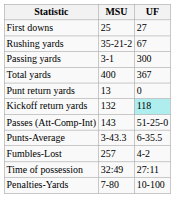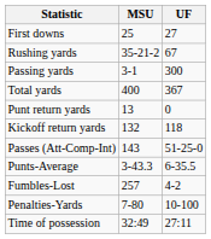 <table class="wikitable">
 <tr>
 <th>Statistic</th>
 <th><strong>MSU</strong></th>
 <th><strong>UF</strong></th>
 </tr>
 <tr>
 <td>First downs</td>
 <td>25</td>
 <td>27</td>
 </tr>
 <tr>
 <td>Rushing yards</td>
 <td>35-21-2</td>
 <td>67</td>
 </tr>
 <tr>
 <td>Passing yards</td>
 <td>3-1</td>
 <td>300</td>
 </tr>
 <tr>
 <td>Total yards</td>
 <td>400</td>
 <td>367</td>
 </tr>
 <tr>
 <td>Punt return yards</td>
 <td>13</td>
 <td>0</td>
 </tr>
 <tr>
 <td>Kickoff return yards</td>
 <td>132</td>
-<td style="background: paleturquoise;">118</td>
+<td>118</td>
 </tr>
 <tr>
 <td>Passes (Att-Comp-Int)</td>
 <td>143</td>
 <td>51-25-0</td>
 </tr>
 <tr>
 <td>Punts-Average</td>
 <td>3-43.3</td>
 <td>6-35.5</td>
 </tr>
 <tr>
 <td>Fumbles-Lost</td>
 <td>257</td>
 <td>4-2</td>
 </tr>
 <tr>
+<td>Penalties-Yards</td>
+<td>7-80</td>
+<td>10-100</td>
+</tr>
+<tr>
 <td>Time of possession</td>
 <td>32:49</td>
 <td>27:11</td>
 </tr>
-<tr>
-<td>Penalties-Yards</td>
-<td>7-80</td>
-<td>10-100</td>
-</tr>
 </table>
